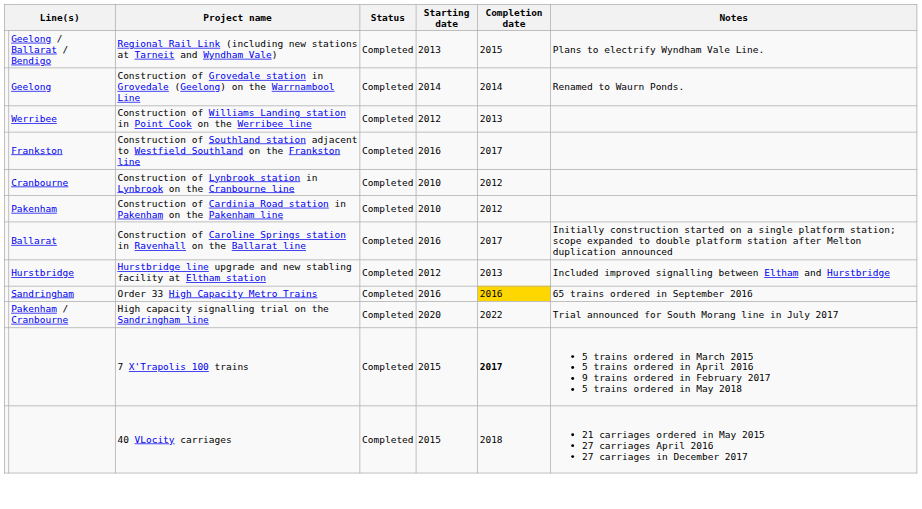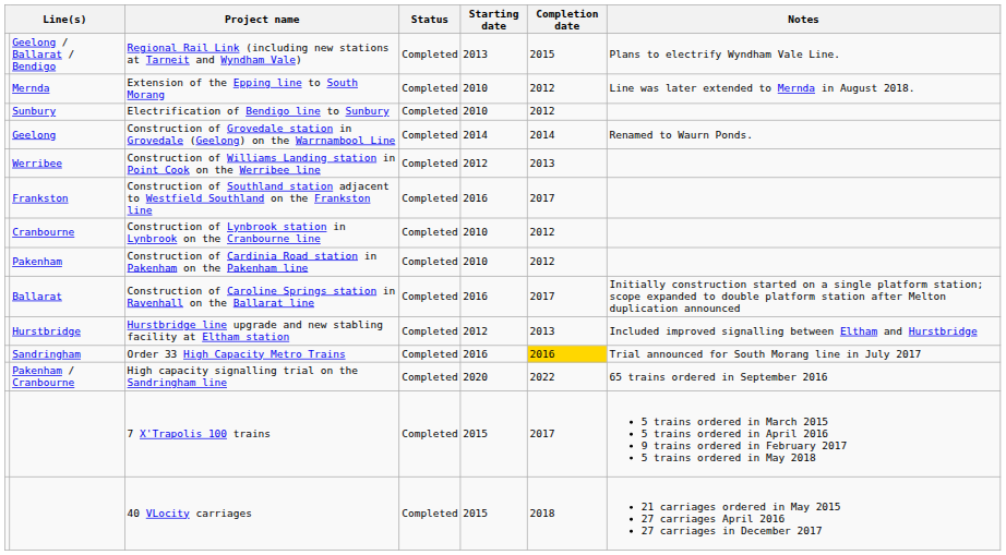 <table class="wikitable sortable">
 <tr>
 <th colspan="2">Line(s)</th>
 <th>Project name</th>
 <th>Status</th>
 <th>Starting date</th>
 <th>Completion date</th>
 <th>Notes</th>
 </tr>
 <tr>
 <td style="background-color:#"></td>
 <td><a href='#'>Geelong</a> / <a href='#'>Ballarat</a> / <a href='#'>Bendigo</a></td>
 <td><a href='#'>Regional Rail Link</a> (including new stations at <a href='#'>Tarneit</a> and <a href='#'>Wyndham Vale</a>)</td>
 <td>Completed</td>
 <td>2013</td>
 <td>2015</td>
 <td>Plans to electrify Wyndham Vale Line.</td>
+</tr>
+<tr>
+<td style="background-color:#"></td>
+<td><a href='#'>Mernda</a></td>
+<td>Extension of the <a href='#'>Epping line</a> to <a href='#'>South Morang</a></td>
+<td>Completed</td>
+<td>2010</td>
+<td>2012</td>
+<td>Line was later extended to <a href='#'>Mernda</a> in August 2018.</td>
+</tr>
+<tr>
+<td style="background-color:#"></td>
+<td><a href='#'>Sunbury</a></td>
+<td>Electrification of <a href='#'>Bendigo line</a> to <a href='#'>Sunbury</a></td>
+<td>Completed</td>
+<td>2010</td>
+<td>2012</td>
+<td></td>
 </tr>
 <tr>
 <td style="background-color:#"></td>
 <td><a href='#'>Geelong</a></td>
 <td>Construction of <a href='#'>Grovedale station</a> in <a href='#'>Grovedale</a> (<a href='#'>Geelong</a>) on the <a href='#'>Warrnambool Line</a></td>
 <td>Completed</td>
 <td>2014</td>
 <td>2014</td>
 <td>Renamed to Waurn Ponds.</td>
 </tr>
 <tr>
 <td style="background-color:#"></td>
 <td><a href='#'>Werribee</a></td>
 <td>Construction of <a href='#'>Williams Landing station</a> in <a href='#'>Point Cook</a> on the <a href='#'>Werribee line</a></td>
 <td>Completed</td>
 <td>2012</td>
 <td>2013</td>
 <td></td>
 </tr>
 <tr>
 <td style="background-color:#"></td>
 <td><a href='#'>Frankston</a></td>
 <td>Construction of <a href='#'>Southland station</a> adjacent to <a href='#'>Westfield Southland</a> on the <a href='#'>Frankston line</a></td>
 <td>Completed</td>
 <td>2016</td>
 <td>2017</td>
 <td></td>
 </tr>
 <tr>
 <td style="background-color:#"></td>
 <td><a href='#'>Cranbourne</a></td>
 <td>Construction of <a href='#'>Lynbrook station</a> in <a href='#'>Lynbrook</a> on the <a href='#'>Cranbourne line</a></td>
 <td>Completed</td>
 <td>2010</td>
 <td>2012</td>
 <td></td>
 </tr>
 <tr>
 <td style="background-color:#"></td>
 <td><a href='#'>Pakenham</a></td>
 <td>Construction of <a href='#'>Cardinia Road station</a> in <a href='#'>Pakenham</a> on the <a href='#'>Pakenham line</a></td>
 <td>Completed</td>
 <td>2010</td>
 <td>2012</td>
 <td></td>
 </tr>
 <tr>
 <td style="background-color:#"></td>
 <td><a href='#'>Ballarat</a></td>
 <td>Construction of <a href='#'>Caroline Springs station</a> in <a href='#'>Ravenhall</a> on the <a href='#'>Ballarat line</a></td>
 <td>Completed</td>
 <td>2016</td>
 <td>2017</td>
 <td>Initially construction started on a single platform station; scope expanded to double platform station after Melton duplication announced</td>
 </tr>
 <tr>
 <td style="background-color:#"></td>
 <td><a href='#'>Hurstbridge</a></td>
 <td><a href='#'>Hurstbridge line</a> upgrade and new stabling facility at <a href='#'>Eltham station</a></td>
 <td>Completed</td>
 <td>2012</td>
 <td>2013</td>
 <td>Included improved signalling between <a href='#'>Eltham</a> and <a href='#'>Hurstbridge</a></td>
 </tr>
 <tr>
 <td style="background-color:#"></td>
 <td><a href='#'>Sandringham</a></td>
 <td>Order 33 <a href='#'>High Capacity Metro Trains</a></td>
 <td>Completed</td>
 <td>2016</td>
 <td style="background: gold;">2016</td>
-<td>65 trains ordered in September 2016</td>
+<td>Trial announced for South Morang line in July 2017</td>
 </tr>
 <tr>
 <td style="background-color:#"></td>
 <td><a href='#'>Pakenham</a> / <a href='#'>Cranbourne</a></td>
 <td>High capacity signalling trial on the <a href='#'>Sandringham line</a></td>
 <td>Completed</td>
 <td>2020</td>
 <td>2022</td>
-<td>Trial announced for South Morang line in July 2017</td>
+<td>65 trains ordered in September 2016</td>
 </tr>
 <tr>
 <td></td>
 <td></td>
 <td>7 <a href='#'>X'Trapolis 100</a> trains</td>
 <td>Completed</td>
 <td>2015</td>
-<td><strong>2017</strong></td>
+<td>2017</td>
 <td><br><ul><li>5 trains ordered in March 2015</li><li>5 trains ordered in April 2016</li><li>9 trains ordered in February 2017</li><li>5 trains ordered in May 2018</li></ul></td>
 </tr>
 <tr>
 <td></td>
 <td></td>
 <td>40 <a href='#'>VLocity</a> carriages</td>
 <td>Completed</td>
 <td>2015</td>
 <td>2018</td>
 <td><br><ul><li>21 carriages ordered in May 2015</li><li>27 carriages April 2016</li><li>27 carriages in December 2017</li></ul></td>
 </tr>
 </table>
